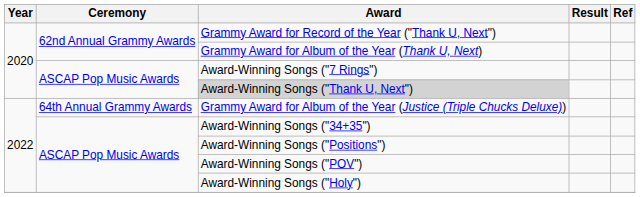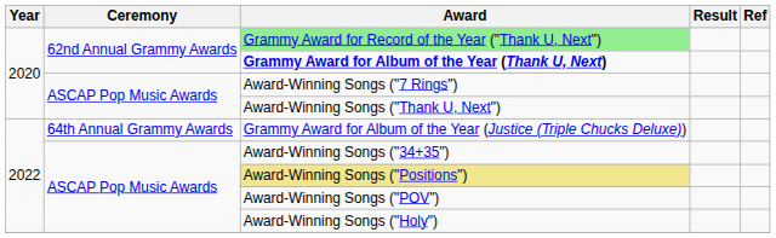 <table class="wikitable">
 <tr style="background:#ccc; text-align:center;">
 <th scope="col">Year</th>
 <th scope="col">Ceremony</th>
 <th scope="col">Award</th>
 <th scope="col">Result</th>
 <th>Ref</th>
 </tr>
 <tr>
 <td rowspan="4">2020</td>
 <td rowspan="2"><a href='#'>62nd Annual Grammy Awards</a></td>
-<td><a href='#'>Grammy Award for Record of the Year</a> ("<a href='#'>Thank U, Next</a>")</td>
+<td style="background: lightgreen;"><a href='#'>Grammy Award for Record of the Year</a> ("<a href='#'>Thank U, Next</a>")</td>
 <td></td>
 <td style="text-align:center;"></td>
 </tr>
 <tr>
-<td><a href='#'>Grammy Award for Album of the Year</a> (<em><a href='#'>Thank U, Next</a></em>)</td>
+<td><strong><a href='#'>Grammy Award for Album of the Year</a> (<em><a href='#'>Thank U, Next</a></em>)</strong></td>
 <td></td>
 <td style="text-align:center;"></td>
 </tr>
 <tr>
 <td rowspan="2"><a href='#'>ASCAP Pop Music Awards</a></td>
 <td>Award-Winning Songs ("<a href='#'>7 Rings</a>")</td>
 <td></td>
 <td style="text-align:center;"></td>
 </tr>
 <tr>
-<td style="background: lightgrey;">Award-Winning Songs ("<a href='#'>Thank U, Next</a>")</td>
+<td>Award-Winning Songs ("<a href='#'>Thank U, Next</a>")</td>
 <td></td>
 <td style="text-align:center;"></td>
 </tr>
 <tr>
 <td rowspan="5">2022</td>
 <td><a href='#'>64th Annual Grammy Awards</a></td>
 <td><a href='#'>Grammy Award for Album of the Year</a> (<em><a href='#'>Justice (Triple Chucks Deluxe)</a></em>)</td>
 <td></td>
 <td style="text-align:center;"></td>
 </tr>
 <tr>
 <td rowspan="4"><a href='#'>ASCAP Pop Music Awards</a></td>
 <td>Award-Winning Songs ("<a href='#'>34+35</a>")</td>
 <td></td>
 <td style="text-align:center;"></td>
 </tr>
 <tr>
-<td>Award-Winning Songs ("<a href='#'>Positions</a>")</td>
+<td style="background: khaki;">Award-Winning Songs ("<a href='#'>Positions</a>")</td>
 <td></td>
 <td style="text-align:center;"></td>
 </tr>
 <tr>
 <td>Award-Winning Songs ("<a href='#'>POV</a>")</td>
 <td></td>
 <td style="text-align:center;"></td>
 </tr>
 <tr>
 <td>Award-Winning Songs ("<a href='#'>Holy</a>")</td>
 <td></td>
 <td style="text-align:center;"></td>
 </tr>
 <tr>
 </tr>
 </table>
